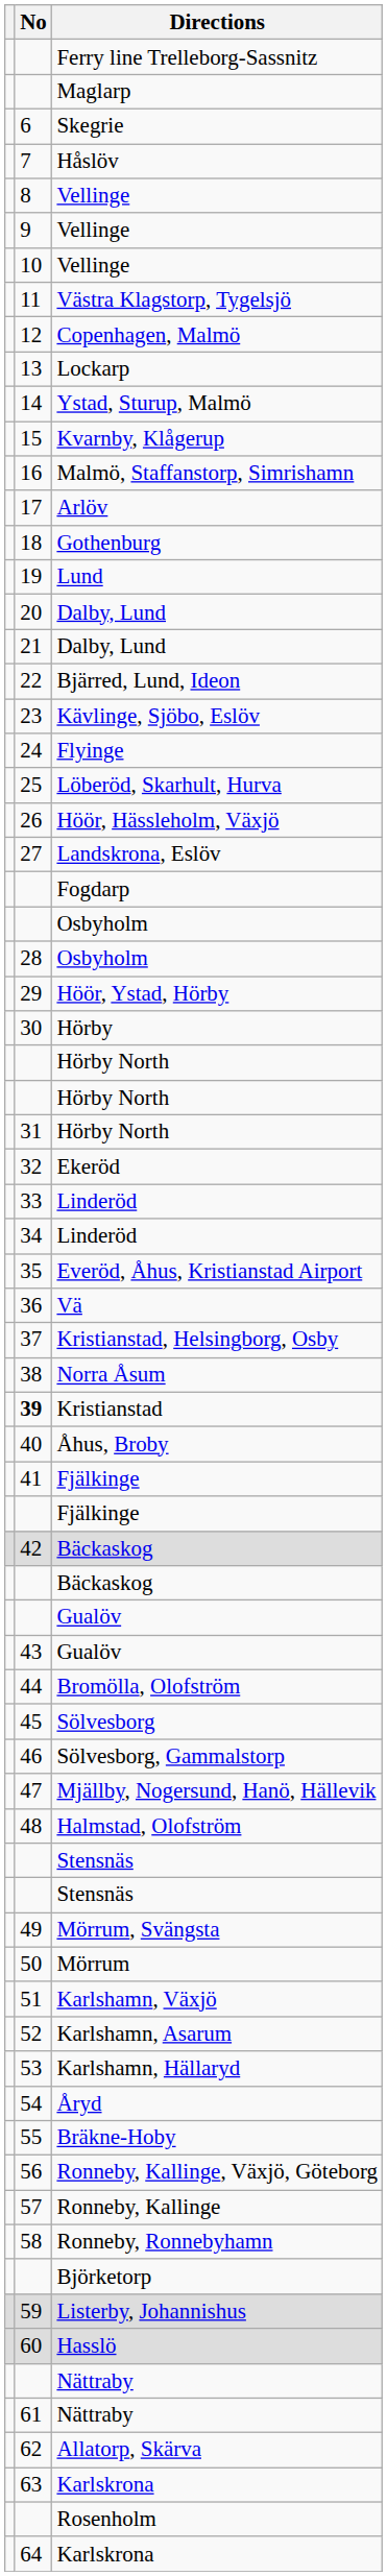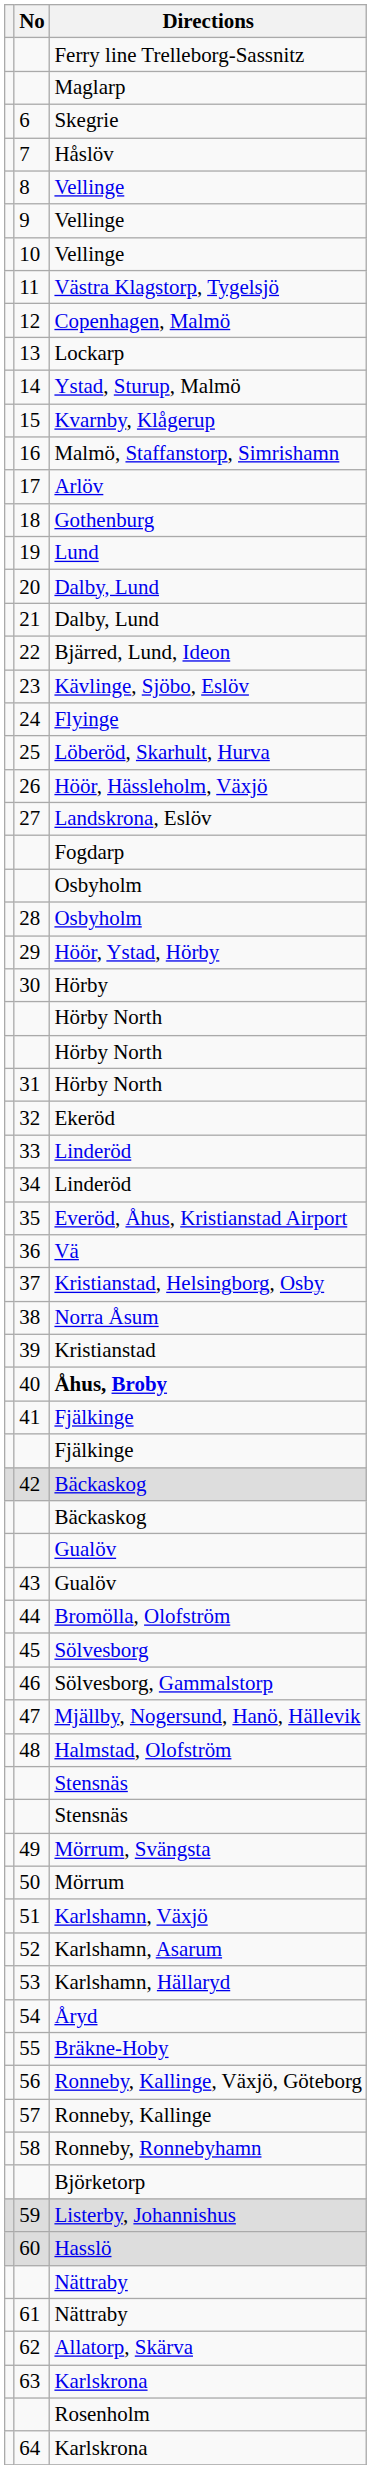 <table class="wikitable">
 <tr>
 <th></th>
 <th>No</th>
 <th>Directions</th>
 </tr>
 <tr>
 <td></td>
 <td></td>
 <td>Ferry line Trelleborg-Sassnitz</td>
 </tr>
 <tr>
 <td></td>
 <td></td>
 <td>Maglarp</td>
 </tr>
 <tr>
 <td></td>
 <td>6</td>
 <td>Skegrie</td>
 </tr>
 <tr>
 <td></td>
 <td>7</td>
 <td>Håslöv</td>
 </tr>
 <tr>
 <td></td>
 <td>8</td>
 <td><a href='#'>Vellinge</a></td>
 </tr>
 <tr>
 <td></td>
 <td>9</td>
 <td>Vellinge</td>
 </tr>
 <tr>
 <td></td>
 <td>10</td>
 <td>Vellinge</td>
 </tr>
 <tr>
 <td></td>
 <td>11</td>
 <td><a href='#'>Västra Klagstorp</a>, <a href='#'>Tygelsjö</a></td>
 </tr>
 <tr>
 <td></td>
 <td>12</td>
 <td><a href='#'>Copenhagen</a>, <a href='#'>Malmö</a></td>
 </tr>
 <tr>
 <td></td>
 <td>13</td>
 <td>Lockarp</td>
 </tr>
 <tr>
 <td></td>
 <td>14</td>
 <td><a href='#'>Ystad</a>, <a href='#'>Sturup</a>, Malmö</td>
 </tr>
 <tr>
 <td></td>
 <td>15</td>
 <td><a href='#'>Kvarnby</a>, <a href='#'>Klågerup</a></td>
 </tr>
 <tr>
 <td></td>
 <td>16</td>
 <td>Malmö, <a href='#'>Staffanstorp</a>, <a href='#'>Simrishamn</a></td>
 </tr>
 <tr>
 <td></td>
 <td>17</td>
 <td><a href='#'>Arlöv</a></td>
 </tr>
 <tr>
 <td></td>
 <td>18</td>
 <td><a href='#'>Gothenburg</a></td>
 </tr>
 <tr>
 <td></td>
 <td>19</td>
 <td><a href='#'>Lund</a></td>
 </tr>
 <tr>
 <td></td>
 <td>20</td>
 <td><a href='#'>Dalby, Lund</a></td>
 </tr>
 <tr>
 <td></td>
 <td>21</td>
 <td>Dalby, Lund</td>
 </tr>
 <tr>
 <td></td>
 <td>22</td>
 <td>Bjärred, Lund, <a href='#'>Ideon</a></td>
 </tr>
 <tr>
 <td></td>
 <td>23</td>
 <td><a href='#'>Kävlinge</a>, <a href='#'>Sjöbo</a>, <a href='#'>Eslöv</a></td>
 </tr>
 <tr>
 <td></td>
 <td>24</td>
 <td><a href='#'>Flyinge</a></td>
 </tr>
 <tr>
 <td></td>
 <td>25</td>
 <td><a href='#'>Löberöd</a>, <a href='#'>Skarhult</a>, <a href='#'>Hurva</a></td>
 </tr>
 <tr>
 <td></td>
 <td>26</td>
 <td><a href='#'>Höör</a>, <a href='#'>Hässleholm</a>, <a href='#'>Växjö</a></td>
 </tr>
 <tr>
 <td></td>
 <td>27</td>
 <td><a href='#'>Landskrona</a>, Eslöv</td>
 </tr>
 <tr>
 <td></td>
 <td></td>
 <td>Fogdarp</td>
 </tr>
 <tr>
 <td></td>
 <td></td>
 <td>Osbyholm</td>
 </tr>
 <tr>
 <td></td>
 <td>28</td>
 <td><a href='#'>Osbyholm</a></td>
 </tr>
 <tr>
 <td></td>
 <td>29</td>
 <td><a href='#'>Höör</a>, <a href='#'>Ystad</a>, <a href='#'>Hörby</a></td>
 </tr>
 <tr>
 <td></td>
 <td>30</td>
 <td>Hörby</td>
 </tr>
 <tr>
 <td></td>
 <td></td>
 <td>Hörby North</td>
 </tr>
 <tr>
 <td></td>
 <td></td>
 <td>Hörby North</td>
 </tr>
 <tr>
 <td></td>
 <td>31</td>
 <td>Hörby North</td>
 </tr>
 <tr>
 <td></td>
 <td>32</td>
 <td>Ekeröd</td>
 </tr>
 <tr>
 <td></td>
 <td>33</td>
 <td> <a href='#'>Linderöd</a></td>
 </tr>
 <tr>
 <td></td>
 <td>34</td>
 <td>Linderöd</td>
 </tr>
 <tr>
 <td></td>
 <td>35</td>
 <td><a href='#'>Everöd</a>, <a href='#'>Åhus</a>, <a href='#'>Kristianstad Airport</a></td>
 </tr>
 <tr>
 <td></td>
 <td>36</td>
 <td><a href='#'>Vä</a></td>
 </tr>
 <tr>
 <td></td>
 <td>37</td>
 <td><a href='#'>Kristianstad</a>, <a href='#'>Helsingborg</a>, <a href='#'>Osby</a></td>
 </tr>
 <tr>
 <td></td>
 <td>38</td>
 <td><a href='#'>Norra Åsum</a></td>
 </tr>
 <tr>
 <td></td>
-<td><strong>39</strong></td>
+<td>39</td>
 <td>Kristianstad</td>
 </tr>
 <tr>
 <td></td>
 <td>40</td>
-<td>Åhus, <a href='#'>Broby</a></td>
+<td><strong>Åhus, <a href='#'>Broby</a></strong></td>
 </tr>
 <tr>
 <td></td>
 <td>41</td>
 <td><a href='#'>Fjälkinge</a></td>
 </tr>
 <tr>
 <td></td>
 <td></td>
 <td>Fjälkinge</td>
 </tr>
 <tr bgcolor=#ddd>
 <td></td>
 <td>42</td>
 <td><a href='#'>Bäckaskog</a></td>
 </tr>
 <tr>
 <td></td>
 <td></td>
 <td>Bäckaskog</td>
 </tr>
 <tr>
 <td></td>
 <td></td>
 <td><a href='#'>Gualöv</a></td>
 </tr>
 <tr>
 <td></td>
 <td>43</td>
 <td>Gualöv</td>
 </tr>
 <tr>
 <td></td>
 <td>44</td>
 <td><a href='#'>Bromölla</a>, <a href='#'>Olofström</a></td>
 </tr>
 <tr>
 <td></td>
 <td>45</td>
 <td><a href='#'>Sölvesborg</a></td>
 </tr>
 <tr>
 <td></td>
 <td>46</td>
 <td>Sölvesborg, <a href='#'>Gammalstorp</a></td>
 </tr>
 <tr>
 <td></td>
 <td>47</td>
 <td><a href='#'>Mjällby</a>, <a href='#'>Nogersund</a>, <a href='#'>Hanö</a>, <a href='#'>Hällevik</a></td>
 </tr>
 <tr>
 <td></td>
 <td>48</td>
 <td><a href='#'>Halmstad</a>, <a href='#'>Olofström</a></td>
 </tr>
 <tr>
 <td></td>
 <td></td>
 <td><a href='#'>Stensnäs</a></td>
 </tr>
 <tr>
 <td></td>
 <td></td>
 <td>Stensnäs</td>
 </tr>
 <tr>
 <td></td>
 <td>49</td>
 <td><a href='#'>Mörrum</a>, <a href='#'>Svängsta</a></td>
 </tr>
 <tr>
 <td></td>
 <td>50</td>
 <td>Mörrum</td>
 </tr>
 <tr>
 <td></td>
 <td>51</td>
 <td><a href='#'>Karlshamn</a>, <a href='#'>Växjö</a></td>
 </tr>
 <tr>
 <td></td>
 <td>52</td>
 <td>Karlshamn, <a href='#'>Asarum</a></td>
 </tr>
 <tr>
 <td></td>
 <td>53</td>
 <td>Karlshamn, <a href='#'>Hällaryd</a></td>
 </tr>
 <tr>
 <td></td>
 <td>54</td>
 <td><a href='#'>Åryd</a></td>
 </tr>
 <tr>
 <td></td>
 <td>55</td>
 <td><a href='#'>Bräkne-Hoby</a></td>
 </tr>
 <tr>
 <td></td>
 <td>56</td>
 <td><a href='#'>Ronneby</a>, <a href='#'>Kallinge</a>, Växjö, Göteborg</td>
 </tr>
 <tr>
 <td></td>
 <td>57</td>
 <td>Ronneby, Kallinge</td>
 </tr>
 <tr>
 <td></td>
 <td>58</td>
 <td>Ronneby, <a href='#'>Ronnebyhamn</a></td>
 </tr>
 <tr>
 <td></td>
 <td></td>
 <td>Björketorp</td>
 </tr>
 <tr bgcolor=#ddd>
 <td></td>
 <td>59</td>
 <td><a href='#'>Listerby</a>, <a href='#'>Johannishus</a></td>
 </tr>
 <tr bgcolor=#ddd>
 <td></td>
 <td>60</td>
 <td><a href='#'>Hasslö</a></td>
 </tr>
 <tr>
 <td></td>
 <td></td>
 <td><a href='#'>Nättraby</a></td>
 </tr>
 <tr>
 <td></td>
 <td>61</td>
 <td>Nättraby</td>
 </tr>
 <tr>
 <td></td>
 <td>62</td>
 <td><a href='#'>Allatorp</a>, <a href='#'>Skärva</a></td>
 </tr>
 <tr>
 <td></td>
 <td>63</td>
 <td><a href='#'>Karlskrona</a></td>
 </tr>
 <tr>
 <td></td>
 <td></td>
 <td>Rosenholm</td>
 </tr>
 <tr>
 <td></td>
 <td>64</td>
 <td>Karlskrona</td>
 </tr>
 </table>
